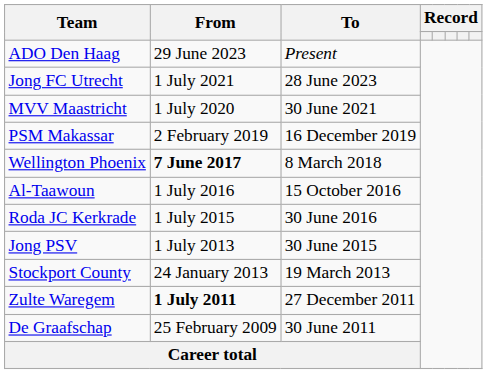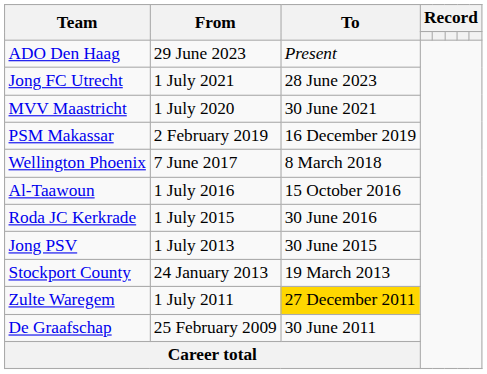 <table class="wikitable" style="text-align: center">
 <tr>
 <th rowspan="2">Team</th>
 <th rowspan="2">From</th>
 <th rowspan="2">To</th>
 <th colspan="5">Record</th>
 </tr>
 <tr>
 <th></th>
 <th></th>
 <th></th>
 <th></th>
 <th></th>
 </tr>
 <tr>
 <td align="left"><a href='#'>ADO Den Haag</a></td>
 <td align="left">29 June 2023</td>
 <td align="left"><em>Present</em><br></td>
 </tr>
 <tr>
 <td align="left"><a href='#'>Jong FC Utrecht</a></td>
 <td align="left">1 July 2021</td>
 <td align="left">28 June 2023<br></td>
 </tr>
 <tr>
 <td align="left"><a href='#'>MVV Maastricht</a></td>
 <td align="left">1 July 2020</td>
 <td align="left">30 June 2021<br></td>
 </tr>
 <tr>
 <td align="left"><a href='#'>PSM Makassar</a></td>
 <td align="left">2 February 2019</td>
 <td align="left">16 December 2019<br></td>
 </tr>
 <tr>
 <td align="left"><a href='#'>Wellington Phoenix</a></td>
-<td align="left"><strong>7 June 2017</strong></td>
+<td align="left">7 June 2017</td>
 <td align="left">8 March 2018<br></td>
 </tr>
 <tr>
 <td align="left"><a href='#'>Al-Taawoun</a></td>
 <td align="left">1 July 2016</td>
 <td align="left">15 October 2016<br></td>
 </tr>
 <tr>
 <td align="left"><a href='#'>Roda JC Kerkrade</a></td>
 <td align="left">1 July 2015</td>
 <td align="left">30 June 2016<br></td>
 </tr>
 <tr>
 <td align="left"><a href='#'>Jong PSV</a></td>
 <td align="left">1 July 2013</td>
 <td align="left">30 June 2015<br></td>
 </tr>
 <tr>
 <td align="left"><a href='#'>Stockport County</a></td>
 <td align="left">24 January 2013</td>
 <td align="left">19 March 2013<br></td>
 </tr>
 <tr>
 <td align="left"><a href='#'>Zulte Waregem</a></td>
-<td align="left"><strong>1 July 2011</strong></td>
-<td align="left">27 December 2011<br></td>
+<td align="left">1 July 2011</td>
+<td align="left" style="background: gold;">27 December 2011<br></td>
 </tr>
 <tr>
 <td align="left"><a href='#'>De Graafschap</a></td>
 <td align=left>25 February 2009</td>
 <td align=left>30 June 2011<br></td>
 </tr>
 <tr>
 <th colspan="3"><strong>Career total</strong><br></th>
 </tr>
 </table>
